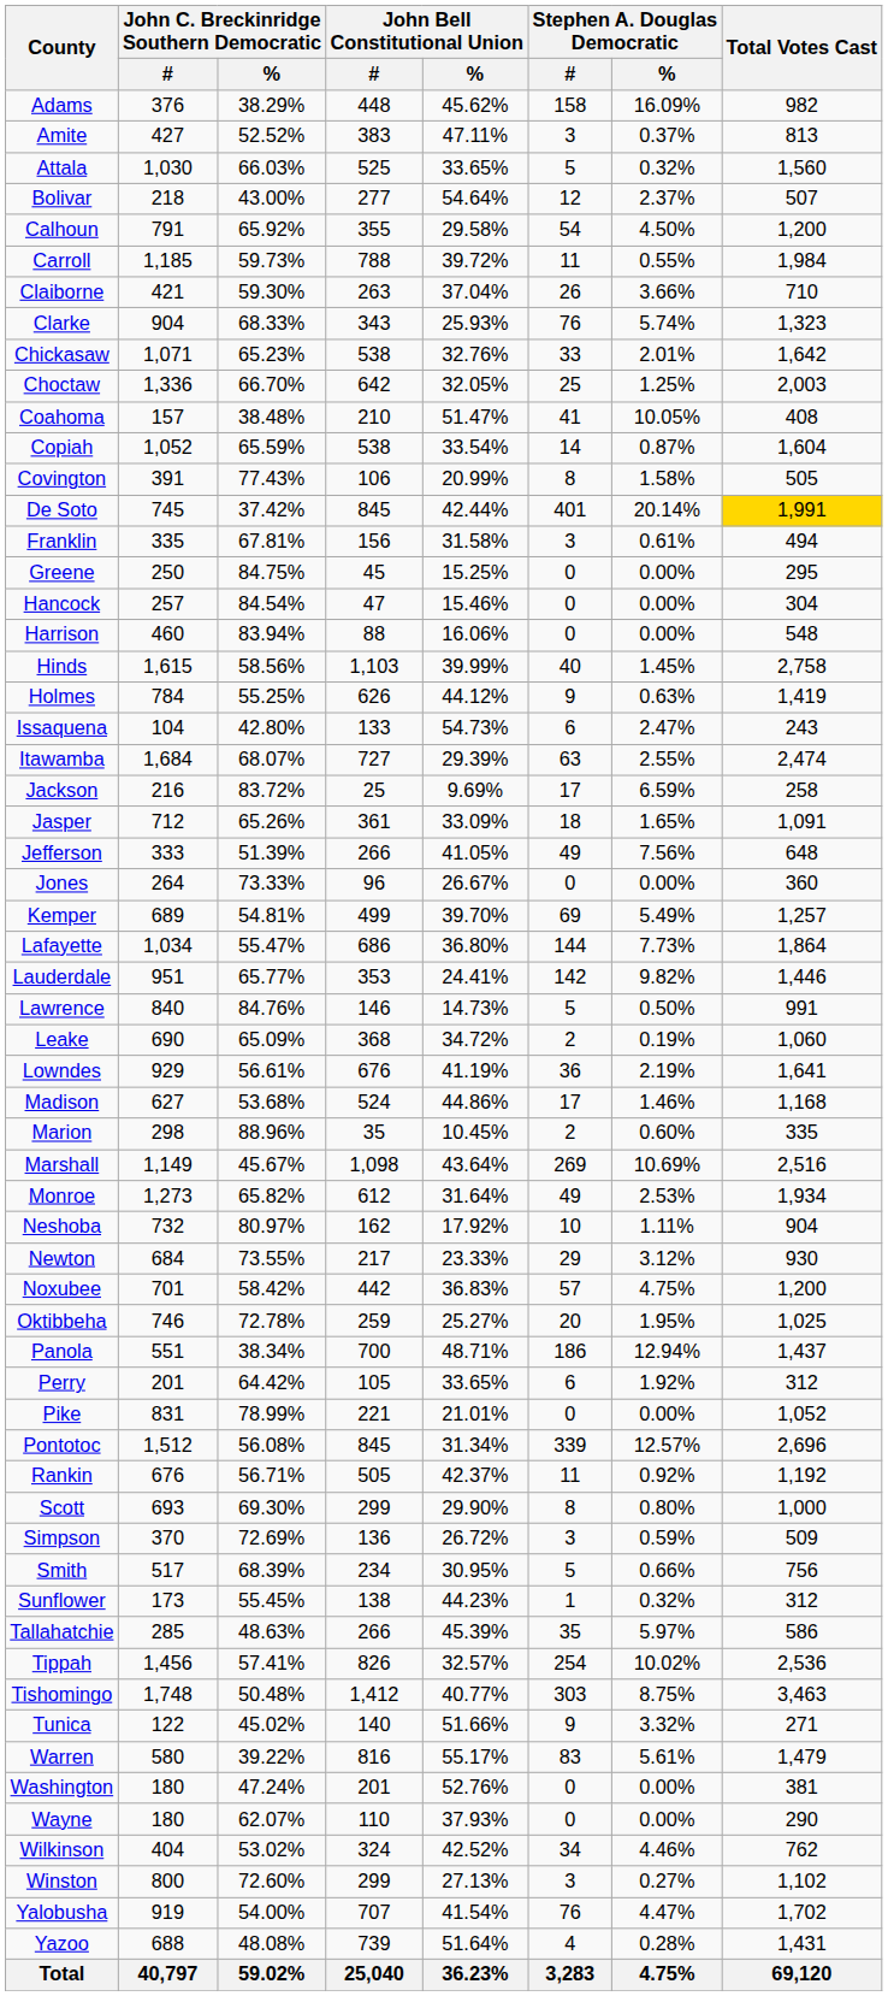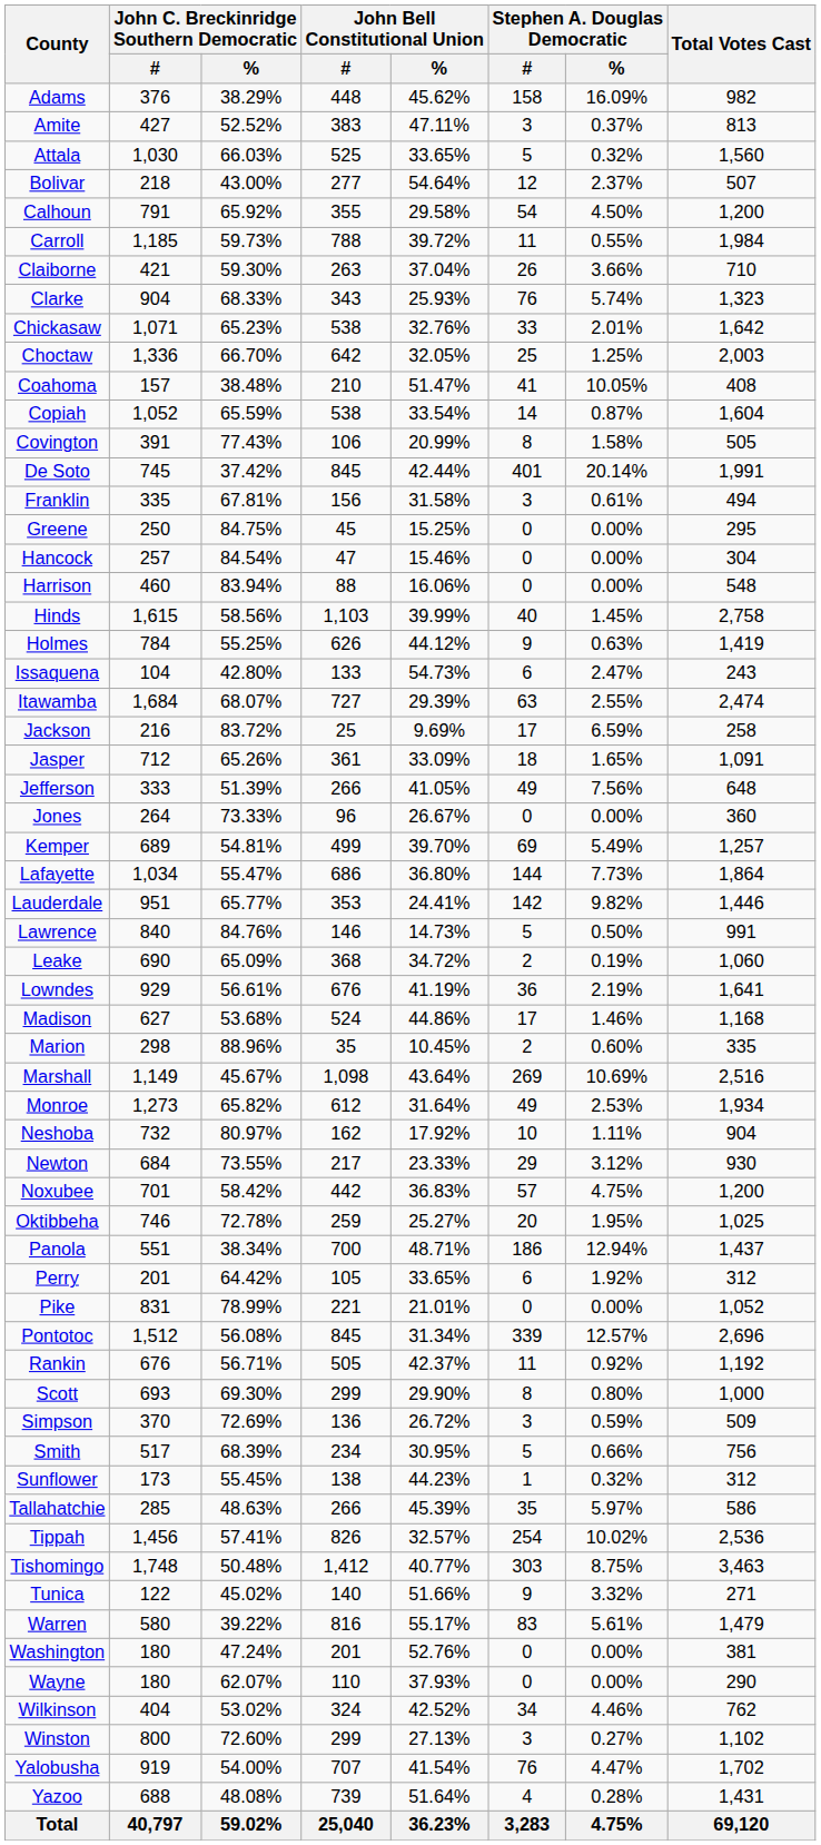 <table class="wikitable sortable">
 <tr>
 <th rowspan="2">County</th>
 <th colspan="2">John C. Breckinridge<br>Southern Democratic</th>
 <th colspan="2">John Bell<br>Constitutional Union</th>
 <th colspan="2">Stephen A. Douglas<br>Democratic</th>
 <th rowspan="2">Total Votes Cast</th>
 </tr>
 <tr style="text-align:center;">
 <th>#</th>
 <th>%</th>
 <th>#</th>
 <th>%</th>
 <th>#</th>
 <th>%</th>
 </tr>
 <tr style="text-align:center;">
 <td><a href='#'>Adams</a></td>
 <td>376</td>
 <td>38.29%</td>
 <td>448</td>
 <td>45.62%</td>
 <td>158</td>
 <td>16.09%</td>
 <td>982</td>
 </tr>
 <tr style="text-align:center;">
 <td><a href='#'>Amite</a></td>
 <td>427</td>
 <td>52.52%</td>
 <td>383</td>
 <td>47.11%</td>
 <td>3</td>
 <td>0.37%</td>
 <td>813</td>
 </tr>
 <tr style="text-align:center;">
 <td><a href='#'>Attala</a></td>
 <td>1,030</td>
 <td>66.03%</td>
 <td>525</td>
 <td>33.65%</td>
 <td>5</td>
 <td>0.32%</td>
 <td>1,560</td>
 </tr>
 <tr style="text-align:center;">
 <td><a href='#'>Bolivar</a></td>
 <td>218</td>
 <td>43.00%</td>
 <td>277</td>
 <td>54.64%</td>
 <td>12</td>
 <td>2.37%</td>
 <td>507</td>
 </tr>
 <tr style="text-align:center;">
 <td><a href='#'>Calhoun</a></td>
 <td>791</td>
 <td>65.92%</td>
 <td>355</td>
 <td>29.58%</td>
 <td>54</td>
 <td>4.50%</td>
 <td>1,200</td>
 </tr>
 <tr style="text-align:center;">
 <td><a href='#'>Carroll</a></td>
 <td>1,185</td>
 <td>59.73%</td>
 <td>788</td>
 <td>39.72%</td>
 <td>11</td>
 <td>0.55%</td>
 <td>1,984</td>
 </tr>
 <tr style="text-align:center;">
 <td><a href='#'>Claiborne</a></td>
 <td>421</td>
 <td>59.30%</td>
 <td>263</td>
 <td>37.04%</td>
 <td>26</td>
 <td>3.66%</td>
 <td>710</td>
 </tr>
 <tr style="text-align:center;">
 <td><a href='#'>Clarke</a></td>
 <td>904</td>
 <td>68.33%</td>
 <td>343</td>
 <td>25.93%</td>
 <td>76</td>
 <td>5.74%</td>
 <td>1,323</td>
 </tr>
 <tr style="text-align:center;">
 <td><a href='#'>Chickasaw</a></td>
 <td>1,071</td>
 <td>65.23%</td>
 <td>538</td>
 <td>32.76%</td>
 <td>33</td>
 <td>2.01%</td>
 <td>1,642</td>
 </tr>
 <tr style="text-align:center;">
 <td><a href='#'>Choctaw</a></td>
 <td>1,336</td>
 <td>66.70%</td>
 <td>642</td>
 <td>32.05%</td>
 <td>25</td>
 <td>1.25%</td>
 <td>2,003</td>
 </tr>
 <tr style="text-align:center;">
 <td><a href='#'>Coahoma</a></td>
 <td>157</td>
 <td>38.48%</td>
 <td>210</td>
 <td>51.47%</td>
 <td>41</td>
 <td>10.05%</td>
 <td>408</td>
 </tr>
 <tr style="text-align:center;">
 <td><a href='#'>Copiah</a></td>
 <td>1,052</td>
 <td>65.59%</td>
 <td>538</td>
 <td>33.54%</td>
 <td>14</td>
 <td>0.87%</td>
 <td>1,604</td>
 </tr>
 <tr style="text-align:center;">
 <td><a href='#'>Covington</a></td>
 <td>391</td>
 <td>77.43%</td>
 <td>106</td>
 <td>20.99%</td>
 <td>8</td>
 <td>1.58%</td>
 <td>505</td>
 </tr>
 <tr style="text-align:center;">
 <td><a href='#'>De Soto</a></td>
 <td>745</td>
 <td>37.42%</td>
 <td>845</td>
 <td>42.44%</td>
 <td>401</td>
 <td>20.14%</td>
-<td style="background: gold;">1,991</td>
+<td>1,991</td>
 </tr>
 <tr style="text-align:center;">
 <td><a href='#'>Franklin</a></td>
 <td>335</td>
 <td>67.81%</td>
 <td>156</td>
 <td>31.58%</td>
 <td>3</td>
 <td>0.61%</td>
 <td>494</td>
 </tr>
 <tr style="text-align:center;">
 <td><a href='#'>Greene</a></td>
 <td>250</td>
 <td>84.75%</td>
 <td>45</td>
 <td>15.25%</td>
 <td>0</td>
 <td>0.00%</td>
 <td>295</td>
 </tr>
 <tr style="text-align:center;">
 <td><a href='#'>Hancock</a></td>
 <td>257</td>
 <td>84.54%</td>
 <td>47</td>
 <td>15.46%</td>
 <td>0</td>
 <td>0.00%</td>
 <td>304</td>
 </tr>
 <tr style="text-align:center;">
 <td><a href='#'>Harrison</a></td>
 <td>460</td>
 <td>83.94%</td>
 <td>88</td>
 <td>16.06%</td>
 <td>0</td>
 <td>0.00%</td>
 <td>548</td>
 </tr>
 <tr style="text-align:center;">
 <td><a href='#'>Hinds</a></td>
 <td>1,615</td>
 <td>58.56%</td>
 <td>1,103</td>
 <td>39.99%</td>
 <td>40</td>
 <td>1.45%</td>
 <td>2,758</td>
 </tr>
 <tr style="text-align:center;">
 <td><a href='#'>Holmes</a></td>
 <td>784</td>
 <td>55.25%</td>
 <td>626</td>
 <td>44.12%</td>
 <td>9</td>
 <td>0.63%</td>
 <td>1,419</td>
 </tr>
 <tr style="text-align:center;">
 <td><a href='#'>Issaquena</a></td>
 <td>104</td>
 <td>42.80%</td>
 <td>133</td>
 <td>54.73%</td>
 <td>6</td>
 <td>2.47%</td>
 <td>243</td>
 </tr>
 <tr style="text-align:center;">
 <td><a href='#'>Itawamba</a></td>
 <td>1,684</td>
 <td>68.07%</td>
 <td>727</td>
 <td>29.39%</td>
 <td>63</td>
 <td>2.55%</td>
 <td>2,474</td>
 </tr>
 <tr style="text-align:center;">
 <td><a href='#'>Jackson</a></td>
 <td>216</td>
 <td>83.72%</td>
 <td>25</td>
 <td>9.69%</td>
 <td>17</td>
 <td>6.59%</td>
 <td>258</td>
 </tr>
 <tr style="text-align:center;">
 <td><a href='#'>Jasper</a></td>
 <td>712</td>
 <td>65.26%</td>
 <td>361</td>
 <td>33.09%</td>
 <td>18</td>
 <td>1.65%</td>
 <td>1,091</td>
 </tr>
 <tr style="text-align:center;">
 <td><a href='#'>Jefferson</a></td>
 <td>333</td>
 <td>51.39%</td>
 <td>266</td>
 <td>41.05%</td>
 <td>49</td>
 <td>7.56%</td>
 <td>648</td>
 </tr>
 <tr style="text-align:center;">
 <td><a href='#'>Jones</a></td>
 <td>264</td>
 <td>73.33%</td>
 <td>96</td>
 <td>26.67%</td>
 <td>0</td>
 <td>0.00%</td>
 <td>360</td>
 </tr>
 <tr style="text-align:center;">
 <td><a href='#'>Kemper</a></td>
 <td>689</td>
 <td>54.81%</td>
 <td>499</td>
 <td>39.70%</td>
 <td>69</td>
 <td>5.49%</td>
 <td>1,257</td>
 </tr>
 <tr style="text-align:center;">
 <td><a href='#'>Lafayette</a></td>
 <td>1,034</td>
 <td>55.47%</td>
 <td>686</td>
 <td>36.80%</td>
 <td>144</td>
 <td>7.73%</td>
 <td>1,864</td>
 </tr>
 <tr style="text-align:center;">
 <td><a href='#'>Lauderdale</a></td>
 <td>951</td>
 <td>65.77%</td>
 <td>353</td>
 <td>24.41%</td>
 <td>142</td>
 <td>9.82%</td>
 <td>1,446</td>
 </tr>
 <tr style="text-align:center;">
 <td><a href='#'>Lawrence</a></td>
 <td>840</td>
 <td>84.76%</td>
 <td>146</td>
 <td>14.73%</td>
 <td>5</td>
 <td>0.50%</td>
 <td>991</td>
 </tr>
 <tr style="text-align:center;">
 <td><a href='#'>Leake</a></td>
 <td>690</td>
 <td>65.09%</td>
 <td>368</td>
 <td>34.72%</td>
 <td>2</td>
 <td>0.19%</td>
 <td>1,060</td>
 </tr>
 <tr style="text-align:center;">
 <td><a href='#'>Lowndes</a></td>
 <td>929</td>
 <td>56.61%</td>
 <td>676</td>
 <td>41.19%</td>
 <td>36</td>
 <td>2.19%</td>
 <td>1,641</td>
 </tr>
 <tr style="text-align:center;">
 <td><a href='#'>Madison</a></td>
 <td>627</td>
 <td>53.68%</td>
 <td>524</td>
 <td>44.86%</td>
 <td>17</td>
 <td>1.46%</td>
 <td>1,168</td>
 </tr>
 <tr style="text-align:center;">
 <td><a href='#'>Marion</a></td>
 <td>298</td>
 <td>88.96%</td>
 <td>35</td>
 <td>10.45%</td>
 <td>2</td>
 <td>0.60%</td>
 <td>335</td>
 </tr>
 <tr style="text-align:center;">
 <td><a href='#'>Marshall</a></td>
 <td>1,149</td>
 <td>45.67%</td>
 <td>1,098</td>
 <td>43.64%</td>
 <td>269</td>
 <td>10.69%</td>
 <td>2,516</td>
 </tr>
 <tr style="text-align:center;">
 <td><a href='#'>Monroe</a></td>
 <td>1,273</td>
 <td>65.82%</td>
 <td>612</td>
 <td>31.64%</td>
 <td>49</td>
 <td>2.53%</td>
 <td>1,934</td>
 </tr>
 <tr style="text-align:center;">
 <td><a href='#'>Neshoba</a></td>
 <td>732</td>
 <td>80.97%</td>
 <td>162</td>
 <td>17.92%</td>
 <td>10</td>
 <td>1.11%</td>
 <td>904</td>
 </tr>
 <tr style="text-align:center;">
 <td><a href='#'>Newton</a></td>
 <td>684</td>
 <td>73.55%</td>
 <td>217</td>
 <td>23.33%</td>
 <td>29</td>
 <td>3.12%</td>
 <td>930</td>
 </tr>
 <tr style="text-align:center;">
 <td><a href='#'>Noxubee</a></td>
 <td>701</td>
 <td>58.42%</td>
 <td>442</td>
 <td>36.83%</td>
 <td>57</td>
 <td>4.75%</td>
 <td>1,200</td>
 </tr>
 <tr style="text-align:center;">
 <td><a href='#'>Oktibbeha</a></td>
 <td>746</td>
 <td>72.78%</td>
 <td>259</td>
 <td>25.27%</td>
 <td>20</td>
 <td>1.95%</td>
 <td>1,025</td>
 </tr>
 <tr style="text-align:center;">
 <td><a href='#'>Panola</a></td>
 <td>551</td>
 <td>38.34%</td>
 <td>700</td>
 <td>48.71%</td>
 <td>186</td>
 <td>12.94%</td>
 <td>1,437</td>
 </tr>
 <tr style="text-align:center;">
 <td><a href='#'>Perry</a></td>
 <td>201</td>
 <td>64.42%</td>
 <td>105</td>
 <td>33.65%</td>
 <td>6</td>
 <td>1.92%</td>
 <td>312</td>
 </tr>
 <tr style="text-align:center;">
 <td><a href='#'>Pike</a></td>
 <td>831</td>
 <td>78.99%</td>
 <td>221</td>
 <td>21.01%</td>
 <td>0</td>
 <td>0.00%</td>
 <td>1,052</td>
 </tr>
 <tr style="text-align:center;">
 <td><a href='#'>Pontotoc</a></td>
 <td>1,512</td>
 <td>56.08%</td>
 <td>845</td>
 <td>31.34%</td>
 <td>339</td>
 <td>12.57%</td>
 <td>2,696</td>
 </tr>
 <tr style="text-align:center;">
 <td><a href='#'>Rankin</a></td>
 <td>676</td>
 <td>56.71%</td>
 <td>505</td>
 <td>42.37%</td>
 <td>11</td>
 <td>0.92%</td>
 <td>1,192</td>
 </tr>
 <tr style="text-align:center;">
 <td><a href='#'>Scott</a></td>
 <td>693</td>
 <td>69.30%</td>
 <td>299</td>
 <td>29.90%</td>
 <td>8</td>
 <td>0.80%</td>
 <td>1,000</td>
 </tr>
 <tr style="text-align:center;">
 <td><a href='#'>Simpson</a></td>
 <td>370</td>
 <td>72.69%</td>
 <td>136</td>
 <td>26.72%</td>
 <td>3</td>
 <td>0.59%</td>
 <td>509</td>
 </tr>
 <tr style="text-align:center;">
 <td><a href='#'>Smith</a></td>
 <td>517</td>
 <td>68.39%</td>
 <td>234</td>
 <td>30.95%</td>
 <td>5</td>
 <td>0.66%</td>
 <td>756</td>
 </tr>
 <tr style="text-align:center;">
 <td><a href='#'>Sunflower</a></td>
 <td>173</td>
 <td>55.45%</td>
 <td>138</td>
 <td>44.23%</td>
 <td>1</td>
 <td>0.32%</td>
 <td>312</td>
 </tr>
 <tr style="text-align:center;">
 <td><a href='#'>Tallahatchie</a></td>
 <td>285</td>
 <td>48.63%</td>
 <td>266</td>
 <td>45.39%</td>
 <td>35</td>
 <td>5.97%</td>
 <td>586</td>
 </tr>
 <tr style="text-align:center;">
 <td><a href='#'>Tippah</a></td>
 <td>1,456</td>
 <td>57.41%</td>
 <td>826</td>
 <td>32.57%</td>
 <td>254</td>
 <td>10.02%</td>
 <td>2,536</td>
 </tr>
 <tr style="text-align:center;">
 <td><a href='#'>Tishomingo</a></td>
 <td>1,748</td>
 <td>50.48%</td>
 <td>1,412</td>
 <td>40.77%</td>
 <td>303</td>
 <td>8.75%</td>
 <td>3,463</td>
 </tr>
 <tr style="text-align:center;">
 <td><a href='#'>Tunica</a></td>
 <td>122</td>
 <td>45.02%</td>
 <td>140</td>
 <td>51.66%</td>
 <td>9</td>
 <td>3.32%</td>
 <td>271</td>
 </tr>
 <tr style="text-align:center;">
 <td><a href='#'>Warren</a></td>
 <td>580</td>
 <td>39.22%</td>
 <td>816</td>
 <td>55.17%</td>
 <td>83</td>
 <td>5.61%</td>
 <td>1,479</td>
 </tr>
 <tr style="text-align:center;">
 <td><a href='#'>Washington</a></td>
 <td>180</td>
 <td>47.24%</td>
 <td>201</td>
 <td>52.76%</td>
 <td>0</td>
 <td>0.00%</td>
 <td>381</td>
 </tr>
 <tr style="text-align:center;">
 <td><a href='#'>Wayne</a></td>
 <td>180</td>
 <td>62.07%</td>
 <td>110</td>
 <td>37.93%</td>
 <td>0</td>
 <td>0.00%</td>
 <td>290</td>
 </tr>
 <tr style="text-align:center;">
 <td><a href='#'>Wilkinson</a></td>
 <td>404</td>
 <td>53.02%</td>
 <td>324</td>
 <td>42.52%</td>
 <td>34</td>
 <td>4.46%</td>
 <td>762</td>
 </tr>
 <tr style="text-align:center;">
 <td><a href='#'>Winston</a></td>
 <td>800</td>
 <td>72.60%</td>
 <td>299</td>
 <td>27.13%</td>
 <td>3</td>
 <td>0.27%</td>
 <td>1,102</td>
 </tr>
 <tr style="text-align:center;">
 <td><a href='#'>Yalobusha</a></td>
 <td>919</td>
 <td>54.00%</td>
 <td>707</td>
 <td>41.54%</td>
 <td>76</td>
 <td>4.47%</td>
 <td>1,702</td>
 </tr>
 <tr style="text-align:center;">
 <td><a href='#'>Yazoo</a></td>
 <td>688</td>
 <td>48.08%</td>
 <td>739</td>
 <td>51.64%</td>
 <td>4</td>
 <td>0.28%</td>
 <td>1,431</td>
 </tr>
 <tr style="text-align:center;">
 <th>Total</th>
 <th>40,797</th>
 <th>59.02%</th>
 <th>25,040</th>
 <th>36.23%</th>
 <th>3,283</th>
 <th>4.75%</th>
 <th>69,120</th>
 </tr>
 </table>
